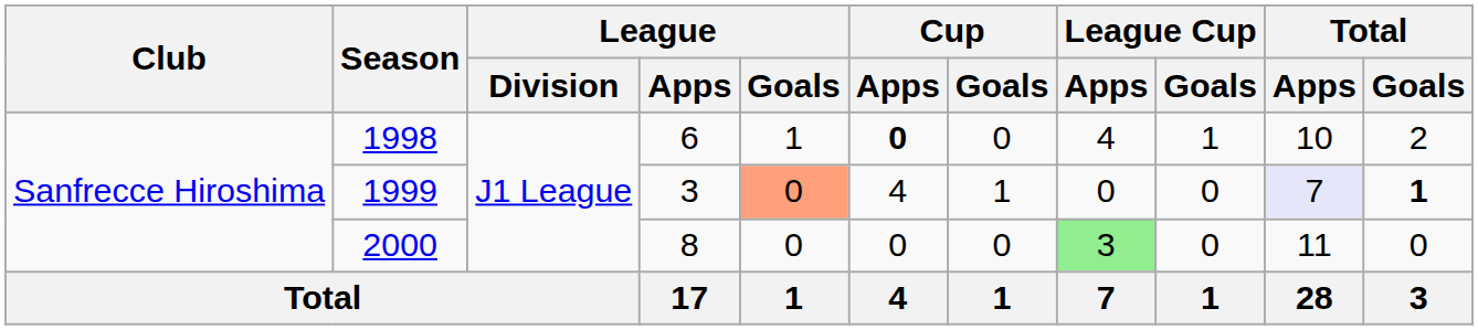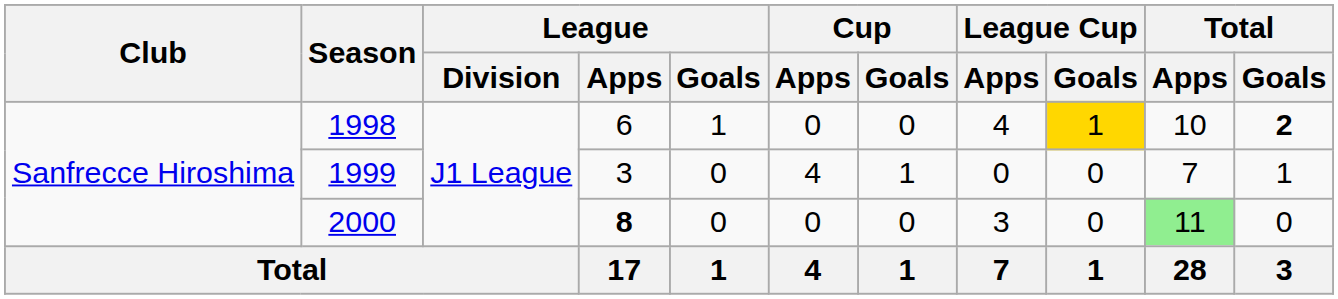 <table class="wikitable" style="text-align: center">
 <tr>
 <th rowspan="2">Club</th>
 <th rowspan="2">Season</th>
 <th colspan="3">League</th>
 <th colspan=2>Cup</th>
 <th colspan=2>League Cup</th>
 <th colspan=2>Total</th>
 </tr>
 <tr>
 <th>Division</th>
 <th>Apps</th>
 <th>Goals</th>
 <th>Apps</th>
 <th>Goals</th>
 <th>Apps</th>
 <th>Goals</th>
 <th>Apps</th>
 <th>Goals</th>
 </tr>
 <tr>
 <td rowspan="3"><a href='#'>Sanfrecce Hiroshima</a></td>
 <td><a href='#'>1998</a></td>
 <td rowspan="3"><a href='#'>J1 League</a></td>
 <td>6</td>
 <td>1</td>
-<td><strong>0</strong></td>
+<td>0</td>
 <td>0</td>
 <td>4</td>
-<td>1</td>
+<td style="background: gold;">1</td>
 <td>10</td>
-<td>2</td>
+<td><strong>2</strong></td>
 </tr>
 <tr>
 <td><a href='#'>1999</a></td>
 <td>3</td>
-<td style="background: lightsalmon;">0</td>
+<td>0</td>
 <td>4</td>
 <td>1</td>
 <td>0</td>
 <td>0</td>
-<td style="background: lavender;">7</td>
-<td><strong>1</strong></td>
+<td>7</td>
+<td>1</td>
 </tr>
 <tr>
 <td><a href='#'>2000</a></td>
-<td>8</td>
+<td><strong>8</strong></td>
 <td>0</td>
 <td>0</td>
 <td>0</td>
-<td style="background: lightgreen;">3</td>
+<td>3</td>
 <td>0</td>
-<td>11</td>
+<td style="background: lightgreen;">11</td>
 <td>0</td>
 </tr>
 <tr>
 <th colspan="3">Total</th>
 <th>17</th>
 <th>1</th>
 <th>4</th>
 <th>1</th>
 <th>7</th>
 <th>1</th>
 <th>28</th>
 <th>3</th>
 </tr>
 </table>
